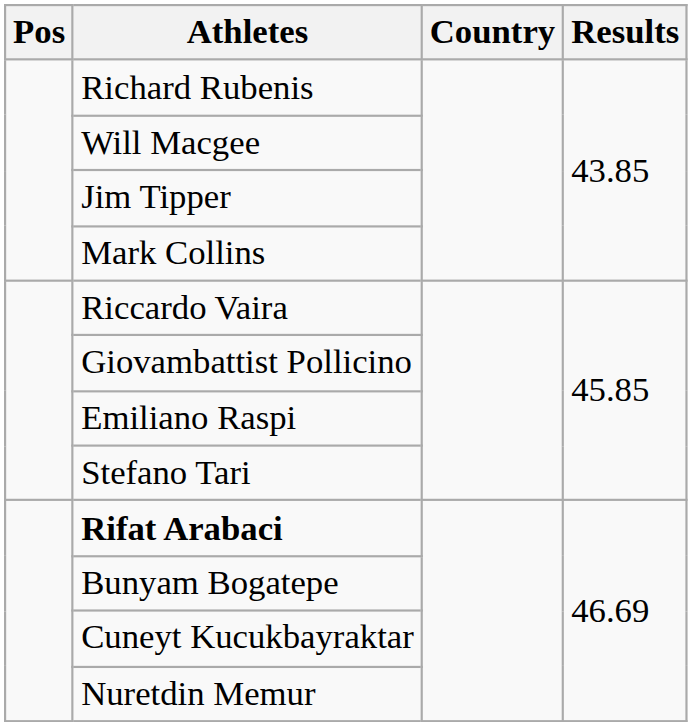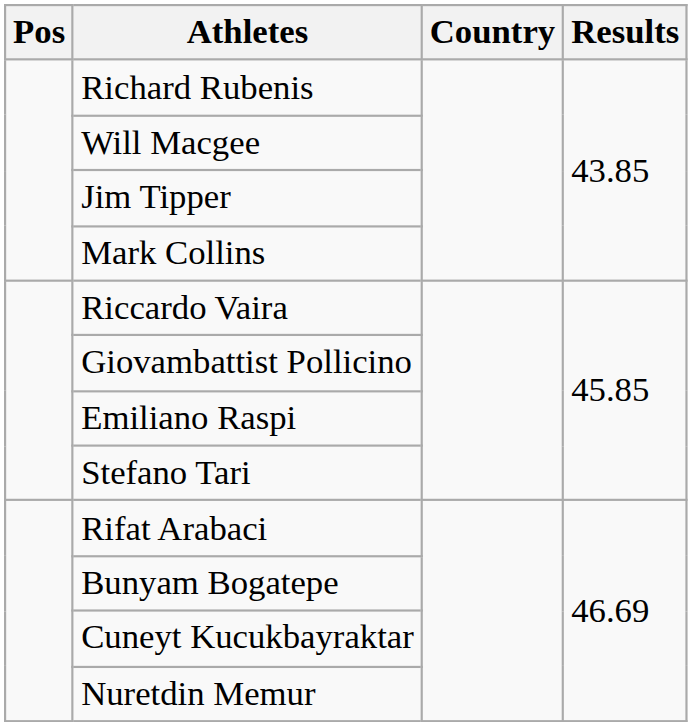 <table class="wikitable">
 <tr>
 <th>Pos</th>
 <th>Athletes</th>
 <th>Country</th>
 <th>Results</th>
 </tr>
 <tr>
 <td rowspan="4"></td>
 <td>Richard Rubenis</td>
 <td rowspan="4"></td>
 <td rowspan="4">43.85</td>
 </tr>
 <tr>
 <td>Will Macgee</td>
 </tr>
 <tr>
 <td>Jim Tipper</td>
 </tr>
 <tr>
 <td>Mark Collins</td>
 </tr>
 <tr>
 <td rowspan="4"></td>
 <td>Riccardo Vaira</td>
 <td rowspan="4"></td>
 <td rowspan="4">45.85</td>
 </tr>
 <tr>
 <td>Giovambattist Pollicino</td>
 </tr>
 <tr>
 <td>Emiliano Raspi</td>
 </tr>
 <tr>
 <td>Stefano Tari</td>
 </tr>
 <tr>
 <td rowspan="4"></td>
-<td><strong>Rifat Arabaci</strong></td>
+<td>Rifat Arabaci</td>
 <td rowspan="4"></td>
 <td rowspan="4">46.69</td>
 </tr>
 <tr>
 <td>Bunyam Bogatepe</td>
 </tr>
 <tr>
 <td>Cuneyt Kucukbayraktar</td>
 </tr>
 <tr>
 <td>Nuretdin Memur</td>
 </tr>
 </table>
